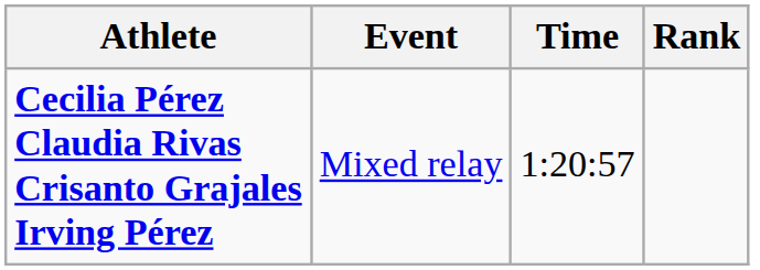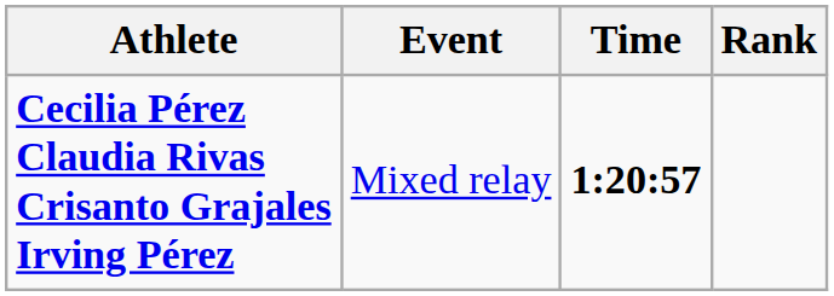 <table class=wikitable style=font-size:90%;text-align:center>
 <tr>
 <th>Athlete</th>
 <th>Event</th>
 <th>Time</th>
 <th>Rank</th>
 </tr>
 <tr>
 <td align=left><strong><a href='#'>Cecilia Pérez</a><br><a href='#'>Claudia Rivas</a><br><a href='#'>Crisanto Grajales</a><br><a href='#'>Irving Pérez</a></strong></td>
 <td align=left rowspan=5><a href='#'>Mixed relay</a></td>
-<td>1:20:57</td>
+<td><strong>1:20:57</strong></td>
 <td></td>
 </tr>
 </table>
